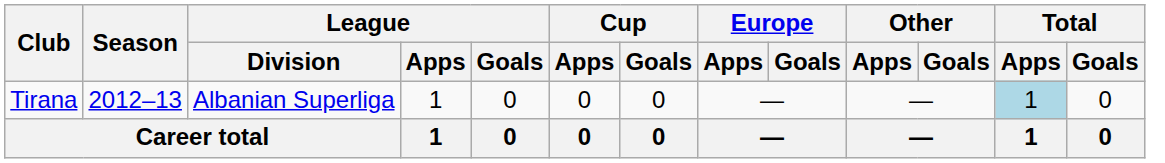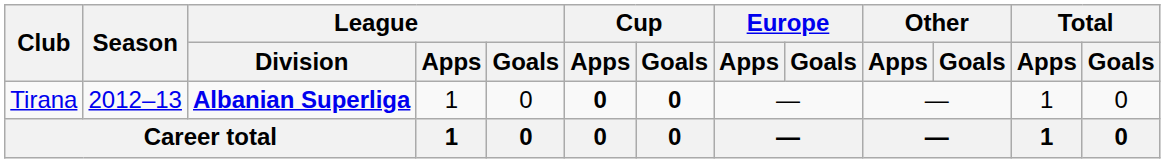 <table class="wikitable" style="text-align: center;">
 <tr>
 <th rowspan="2">Club</th>
 <th rowspan="2">Season</th>
 <th colspan="3">League</th>
 <th colspan="2">Cup</th>
 <th colspan="2"><a href='#'>Europe</a></th>
 <th colspan="2">Other</th>
 <th colspan="2">Total</th>
 </tr>
 <tr>
 <th>Division</th>
 <th>Apps</th>
 <th>Goals</th>
 <th>Apps</th>
 <th>Goals</th>
 <th>Apps</th>
 <th>Goals</th>
 <th>Apps</th>
 <th>Goals</th>
 <th>Apps</th>
 <th>Goals</th>
 </tr>
 <tr>
 <td rowspan="1"><a href='#'>Tirana</a></td>
 <td><a href='#'>2012–13</a></td>
-<td rowspan="1"><a href='#'>Albanian Superliga</a></td>
+<td rowspan="1"><strong><a href='#'>Albanian Superliga</a></strong></td>
 <td>1</td>
 <td>0</td>
-<td>0</td>
-<td>0</td>
+<td><strong>0</strong></td>
+<td><strong>0</strong></td>
 <td colspan="2">—</td>
 <td colspan="2">—</td>
-<td style="background: lightblue;">1</td>
+<td>1</td>
 <td>0</td>
 </tr>
 <tr>
 <th colspan="3">Career total</th>
 <th>1</th>
 <th>0</th>
 <th>0</th>
 <th>0</th>
 <th colspan="2">—</th>
 <th colspan="2">—</th>
 <th>1</th>
 <th>0</th>
 </tr>
 </table>
